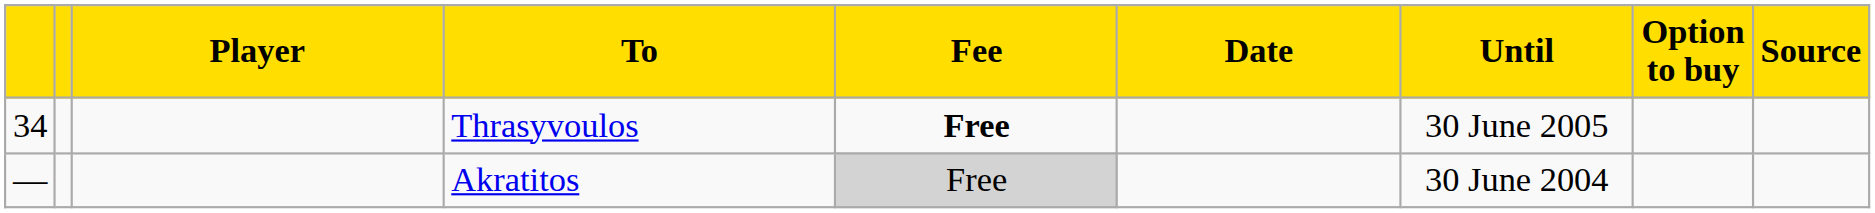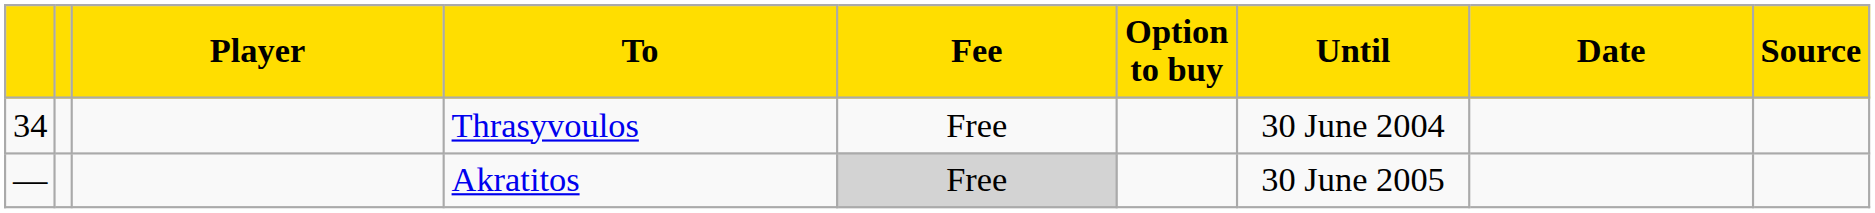 <table class="wikitable sortable">
 <tr>
 <th style="background:#FFDE00"></th>
 <th style="background:#FFDE00"></th>
 <th width=200 style="background:#FFDE00">Player</th>
 <th width=200 style="background:#FFDE00">To</th>
 <th width=150 style="background:#FFDE00">Fee</th>
+<th style="background:#FFDE00">Option to buy</th>
+<th width=120 style="background:#FFDE00">Until</th>
 <th width=150 style="background:#FFDE00">Date</th>
-<th width=120 style="background:#FFDE00">Until</th>
-<th style="background:#FFDE00">Option to buy</th>
 <th style="background:#FFDE00">Source</th>
 </tr>
 <tr>
 <td align=center>34</td>
 <td align=center></td>
 <td></td>
 <td> <a href='#'>Thrasyvoulos</a></td>
-<td align=center><strong>Free</strong></td>
+<td align=center>Free</td>
 <td align=center></td>
-<td align=center>30 June 2005</td>
+<td align=center>30 June 2004</td>
 <td align=center></td>
 <td align=center></td>
 </tr>
 <tr>
 <td align=center>—</td>
 <td align=center></td>
 <td></td>
 <td> <a href='#'>Akratitos</a></td>
 <td align=center style="background: lightgrey;">Free</td>
 <td align=center></td>
-<td align=center>30 June 2004</td>
+<td align=center>30 June 2005</td>
 <td align=center></td>
 <td align=center></td>
 </tr>
 </table>
